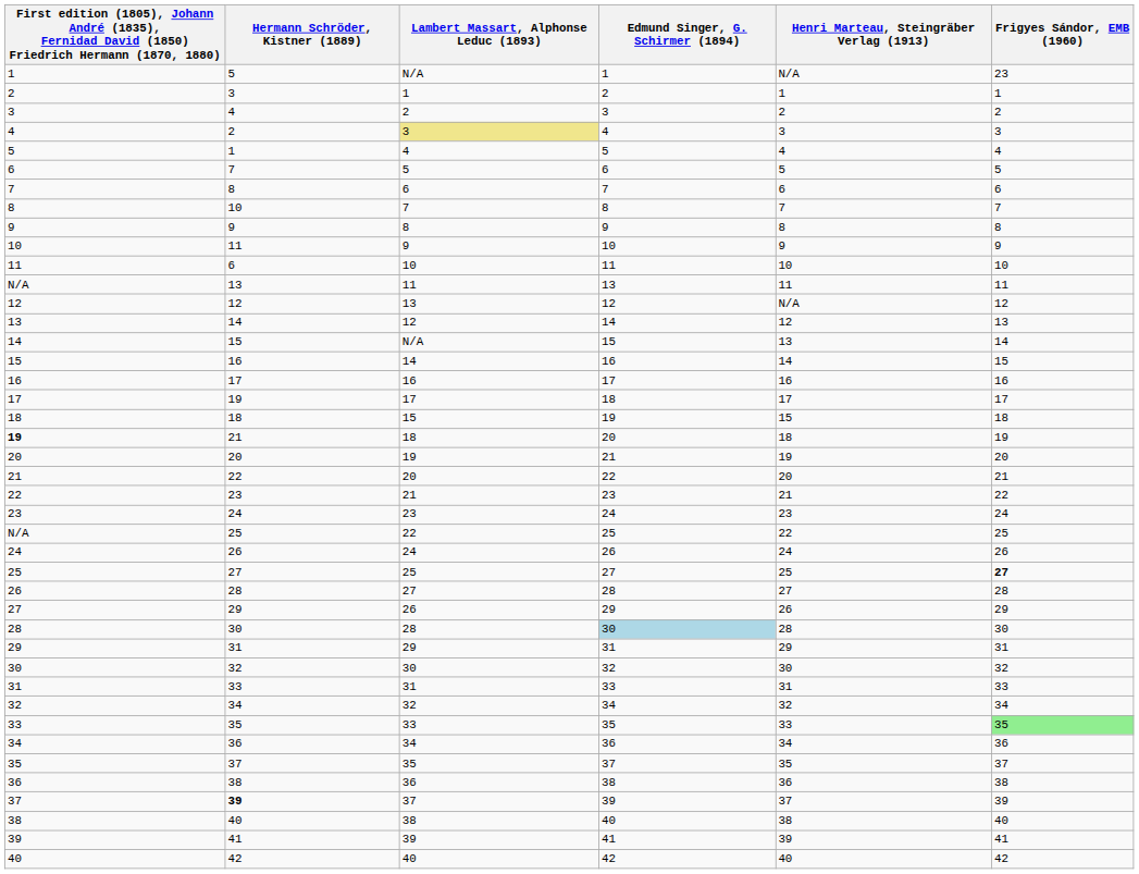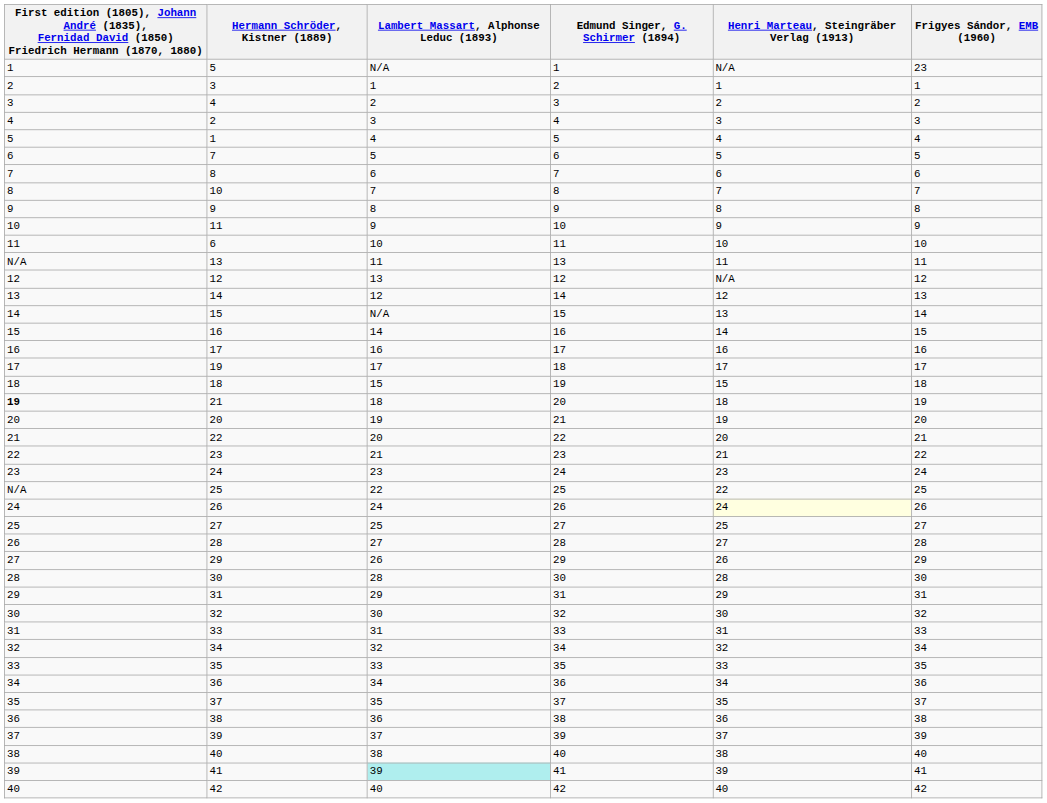 <table class="wikitable sortable mw-collapsible">
 <tr>
 <th>First edition (1805), <a href='#'>Johann André</a> (1835),<br><a href='#'>Fernidad David</a> (1850)<br>Friedrich Hermann (1870, 1880)</th>
 <th><a href='#'>Hermann Schröder</a>, <strong>Kistner (1889)</strong></th>
 <th><a href='#'>Lambert Massart</a>, Alphonse Leduc (1893)</th>
 <th>Edmund Singer, <a href='#'>G. Schirmer</a> (1894)</th>
 <th><a href='#'>Henri Marteau</a>, Steingräber Verlag (1913)</th>
 <th>Frigyes Sándor, <a href='#'>EMB</a> (1960)</th>
 </tr>
 <tr>
 <td>1</td>
 <td>5</td>
 <td>N/A</td>
 <td>1</td>
 <td>N/A</td>
 <td>23</td>
 </tr>
 <tr>
 <td>2</td>
 <td>3</td>
 <td>1</td>
 <td>2</td>
 <td>1</td>
 <td>1</td>
 </tr>
 <tr>
 <td>3</td>
 <td>4</td>
 <td>2</td>
 <td>3</td>
 <td>2</td>
 <td>2</td>
 </tr>
 <tr>
 <td>4</td>
 <td>2</td>
-<td style="background: khaki;">3</td>
+<td>3</td>
 <td>4</td>
 <td>3</td>
 <td>3</td>
 </tr>
 <tr>
 <td>5</td>
 <td>1</td>
 <td>4</td>
 <td>5</td>
 <td>4</td>
 <td>4</td>
 </tr>
 <tr>
 <td>6</td>
 <td>7</td>
 <td>5</td>
 <td>6</td>
 <td>5</td>
 <td>5</td>
 </tr>
 <tr>
 <td>7</td>
 <td>8</td>
 <td>6</td>
 <td>7</td>
 <td>6</td>
 <td>6</td>
 </tr>
 <tr>
 <td>8</td>
 <td>10</td>
 <td>7</td>
 <td>8</td>
 <td>7</td>
 <td>7</td>
 </tr>
 <tr>
 <td>9</td>
 <td>9</td>
 <td>8</td>
 <td>9</td>
 <td>8</td>
 <td>8</td>
 </tr>
 <tr>
 <td>10</td>
 <td>11</td>
 <td>9</td>
 <td>10</td>
 <td>9</td>
 <td>9</td>
 </tr>
 <tr>
 <td>11</td>
 <td>6</td>
 <td>10</td>
 <td>11</td>
 <td>10</td>
 <td>10</td>
 </tr>
 <tr>
 <td>N/A</td>
 <td>13</td>
 <td>11</td>
 <td>13</td>
 <td>11</td>
 <td>11</td>
 </tr>
 <tr>
 <td>12</td>
 <td>12</td>
 <td>13</td>
 <td>12</td>
 <td>N/A</td>
 <td>12</td>
 </tr>
 <tr>
 <td>13</td>
 <td>14</td>
 <td>12</td>
 <td>14</td>
 <td>12</td>
 <td>13</td>
 </tr>
 <tr>
 <td>14</td>
 <td>15</td>
 <td>N/A</td>
 <td>15</td>
 <td>13</td>
 <td>14</td>
 </tr>
 <tr>
 <td>15</td>
 <td>16</td>
 <td>14</td>
 <td>16</td>
 <td>14</td>
 <td>15</td>
 </tr>
 <tr>
 <td>16</td>
 <td>17</td>
 <td>16</td>
 <td>17</td>
 <td>16</td>
 <td>16</td>
 </tr>
 <tr>
 <td>17</td>
 <td>19</td>
 <td>17</td>
 <td>18</td>
 <td>17</td>
 <td>17</td>
 </tr>
 <tr>
 <td>18</td>
 <td>18</td>
 <td>15</td>
 <td>19</td>
 <td>15</td>
 <td>18</td>
 </tr>
 <tr>
 <td><strong>19</strong></td>
 <td>21</td>
 <td>18</td>
 <td>20</td>
 <td>18</td>
 <td>19</td>
 </tr>
 <tr>
 <td>20</td>
 <td>20</td>
 <td>19</td>
 <td>21</td>
 <td>19</td>
 <td>20</td>
 </tr>
 <tr>
 <td>21</td>
 <td>22</td>
 <td>20</td>
 <td>22</td>
 <td>20</td>
 <td>21</td>
 </tr>
 <tr>
 <td>22</td>
 <td>23</td>
 <td>21</td>
 <td>23</td>
 <td>21</td>
 <td>22</td>
 </tr>
 <tr>
 <td>23</td>
 <td>24</td>
 <td>23</td>
 <td>24</td>
 <td>23</td>
 <td>24</td>
 </tr>
 <tr>
 <td>N/A</td>
 <td>25</td>
 <td>22</td>
 <td>25</td>
 <td>22</td>
 <td>25</td>
 </tr>
 <tr>
 <td>24</td>
 <td>26</td>
 <td>24</td>
 <td>26</td>
-<td>24</td>
+<td style="background: lightyellow;">24</td>
 <td>26</td>
 </tr>
 <tr>
 <td>25</td>
 <td>27</td>
 <td>25</td>
 <td>27</td>
 <td>25</td>
-<td><strong>27</strong></td>
+<td>27</td>
 </tr>
 <tr>
 <td>26</td>
 <td>28</td>
 <td>27</td>
 <td>28</td>
 <td>27</td>
 <td>28</td>
 </tr>
 <tr>
 <td>27</td>
 <td>29</td>
 <td>26</td>
 <td>29</td>
 <td>26</td>
 <td>29</td>
 </tr>
 <tr>
 <td>28</td>
 <td>30</td>
 <td>28</td>
-<td style="background: lightblue;">30</td>
+<td>30</td>
 <td>28</td>
 <td>30</td>
 </tr>
 <tr>
 <td>29</td>
 <td>31</td>
 <td>29</td>
 <td>31</td>
 <td>29</td>
 <td>31</td>
 </tr>
 <tr>
 <td>30</td>
 <td>32</td>
 <td>30</td>
 <td>32</td>
 <td>30</td>
 <td>32</td>
 </tr>
 <tr>
 <td>31</td>
 <td>33</td>
 <td>31</td>
 <td>33</td>
 <td>31</td>
 <td>33</td>
 </tr>
 <tr>
 <td>32</td>
 <td>34</td>
 <td>32</td>
 <td>34</td>
 <td>32</td>
 <td>34</td>
 </tr>
 <tr>
 <td>33</td>
 <td>35</td>
 <td>33</td>
 <td>35</td>
 <td>33</td>
-<td style="background: lightgreen;">35</td>
+<td>35</td>
 </tr>
 <tr>
 <td>34</td>
 <td>36</td>
 <td>34</td>
 <td>36</td>
 <td>34</td>
 <td>36</td>
 </tr>
 <tr>
 <td>35</td>
 <td>37</td>
 <td>35</td>
 <td>37</td>
 <td>35</td>
 <td>37</td>
 </tr>
 <tr>
 <td>36</td>
 <td>38</td>
 <td>36</td>
 <td>38</td>
 <td>36</td>
 <td>38</td>
 </tr>
 <tr>
 <td>37</td>
-<td><strong>39</strong></td>
+<td>39</td>
 <td>37</td>
 <td>39</td>
 <td>37</td>
 <td>39</td>
 </tr>
 <tr>
 <td>38</td>
 <td>40</td>
 <td>38</td>
 <td>40</td>
 <td>38</td>
 <td>40</td>
 </tr>
 <tr>
 <td>39</td>
 <td>41</td>
-<td>39</td>
+<td style="background: paleturquoise;">39</td>
 <td>41</td>
 <td>39</td>
 <td>41</td>
 </tr>
 <tr>
 <td>40</td>
 <td>42</td>
 <td>40</td>
 <td>42</td>
 <td>40</td>
 <td>42</td>
 </tr>
 </table>
